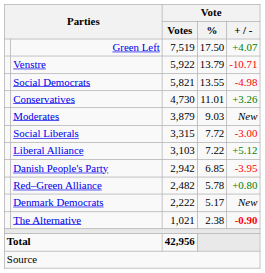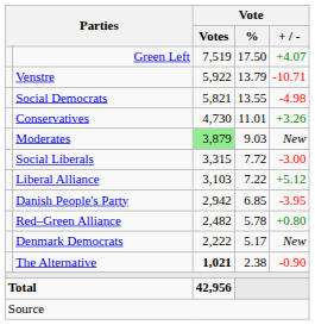 <table class="wikitable" style="text-align:right;">
 <tr>
 <th style="text-align:centre;" rowspan="2" colspan="2" width="225">Parties</th>
 <th colspan="3">Vote</th>
 </tr>
 <tr>
 <th width="15">Votes</th>
 <th width="15">%</th>
 <th width="15">+ / -</th>
 </tr>
 <tr>
 <td width=2 bgcolor=></td>
 <td><a href='#'>Green Left</a></td>
 <td>7,519</td>
 <td>17.50</td>
 <td style=color:green;>+4.07</td>
 </tr>
 <tr>
 <td width=2 bgcolor=></td>
 <td align=left><a href='#'>Venstre</a></td>
 <td>5,922</td>
 <td>13.79</td>
 <td style=color:red;>-10.71</td>
 </tr>
 <tr>
 <td width=2 bgcolor=></td>
 <td align=left><a href='#'>Social Democrats</a></td>
 <td>5,821</td>
 <td>13.55</td>
 <td style=color:red;>-4.98</td>
 </tr>
 <tr>
 <td width=2 bgcolor=></td>
 <td align=left><a href='#'>Conservatives</a></td>
 <td>4,730</td>
 <td>11.01</td>
 <td style=color:green;>+3.26</td>
 </tr>
 <tr>
 <td width=2 bgcolor=></td>
 <td align=left><a href='#'>Moderates</a></td>
-<td>3,879</td>
+<td style="background: lightgreen;">3,879</td>
 <td>9.03</td>
 <td><em>New</em></td>
 </tr>
 <tr>
 <td width=2 bgcolor=></td>
 <td align=left><a href='#'>Social Liberals</a></td>
 <td>3,315</td>
 <td>7.72</td>
 <td style=color:red;>-3.00</td>
 </tr>
 <tr>
 <td width=2 bgcolor=></td>
 <td align=left><a href='#'>Liberal Alliance</a></td>
 <td>3,103</td>
 <td>7.22</td>
 <td style=color:green;>+5.12</td>
 </tr>
 <tr>
 <td width=2 bgcolor=></td>
 <td align=left><a href='#'>Danish People's Party</a></td>
 <td>2,942</td>
 <td>6.85</td>
 <td style=color:red;>-3.95</td>
 </tr>
 <tr>
 <td width=2 bgcolor=></td>
 <td align=left><a href='#'>Red–Green Alliance</a></td>
 <td>2,482</td>
 <td>5.78</td>
 <td style=color:green;>+0.80</td>
 </tr>
 <tr>
 <td width=2 bgcolor=></td>
 <td align=left><a href='#'>Denmark Democrats</a></td>
 <td>2,222</td>
 <td>5.17</td>
 <td><em>New</em></td>
 </tr>
 <tr>
 <td width=2 bgcolor=></td>
 <td align=left><a href='#'>The Alternative</a></td>
-<td>1,021</td>
+<td><strong>1,021</strong></td>
 <td>2.38</td>
-<td style=color:red;><strong>-0.90</strong></td>
+<td style=color:red;>-0.90</td>
 </tr>
 <tr>
 <td colspan="7" bgcolor="#E9E9E9"></td>
 </tr>
 <tr>
 <td align="left" colspan="2"><strong>Total</strong></td>
 <td><strong>42,956</strong></td>
 <td bgcolor=#E9E9E9 colspan=2></td>
 </tr>
 <tr>
 <td align="left" colspan="6">Source</td>
 </tr>
 </table>
